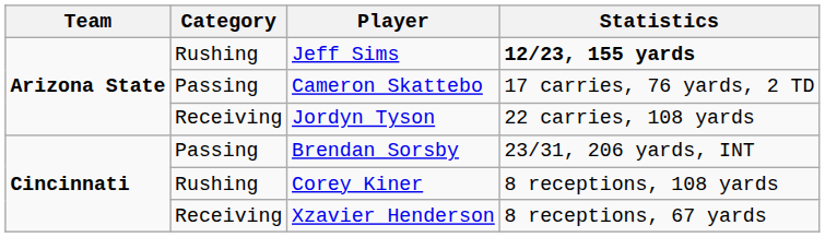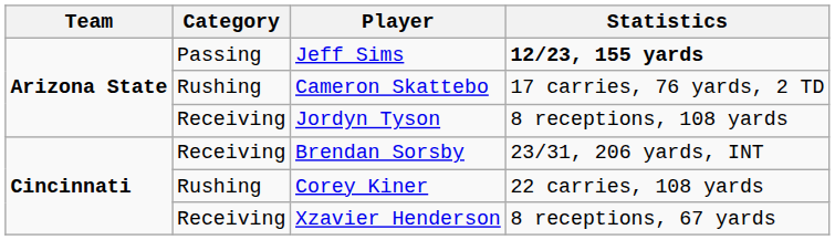 <table class="wikitable" style="float: right;">
 <tr>
 <th>Team</th>
 <th>Category</th>
 <th>Player</th>
 <th>Statistics</th>
 </tr>
 <tr>
 <td rowspan=3><strong>Arizona State</strong></td>
-<td>Rushing</td>
+<td>Passing</td>
 <td><a href='#'>Jeff Sims</a></td>
 <td><strong>12/23, 155 yards</strong></td>
 </tr>
 <tr>
-<td>Passing</td>
+<td>Rushing</td>
 <td><a href='#'>Cameron Skattebo</a></td>
 <td>17 carries, 76 yards, 2 TD</td>
 </tr>
 <tr>
 <td>Receiving</td>
 <td><a href='#'>Jordyn Tyson</a></td>
-<td>22 carries, 108 yards</td>
+<td>8 receptions, 108 yards</td>
 </tr>
 <tr>
 <td rowspan=3><strong>Cincinnati</strong></td>
-<td>Passing</td>
+<td>Receiving</td>
 <td><a href='#'>Brendan Sorsby</a></td>
 <td>23/31, 206 yards, INT</td>
 </tr>
 <tr>
 <td>Rushing</td>
 <td><a href='#'>Corey Kiner</a></td>
-<td>8 receptions, 108 yards</td>
+<td>22 carries, 108 yards</td>
 </tr>
 <tr>
 <td>Receiving</td>
 <td><a href='#'>Xzavier Henderson</a></td>
 <td>8 receptions, 67 yards</td>
 </tr>
 </table>
